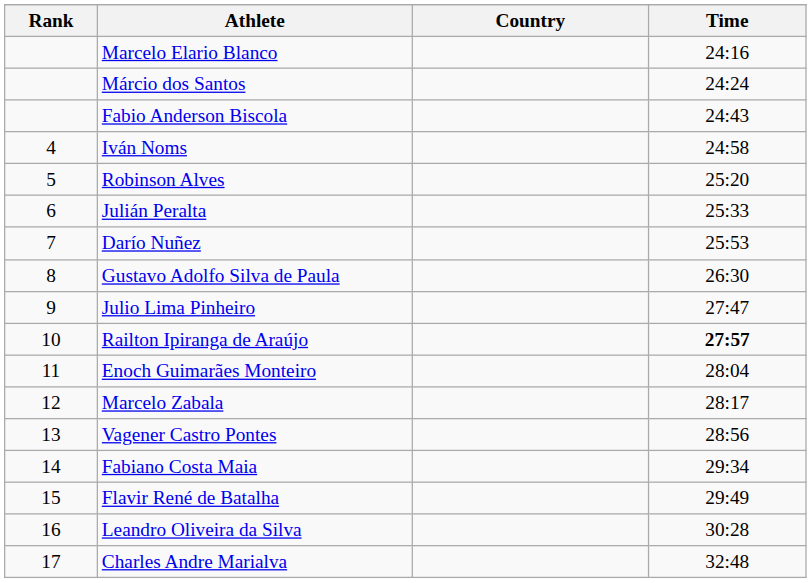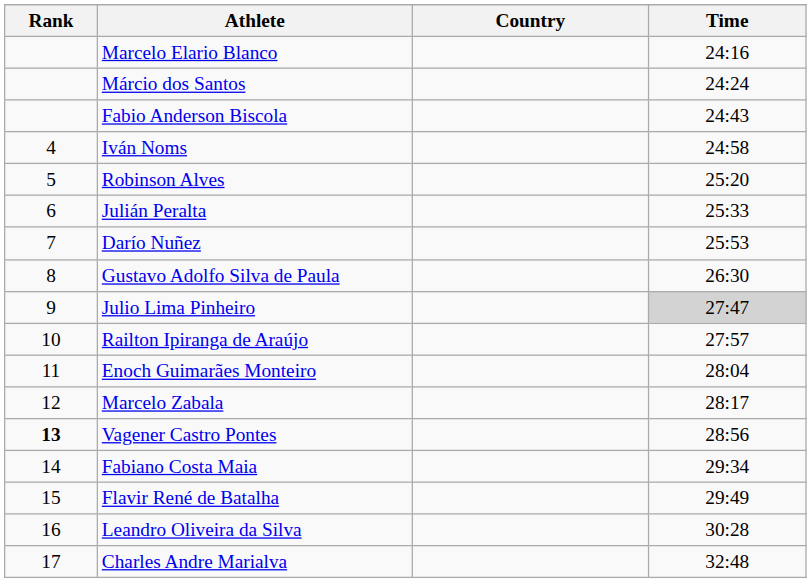 <table class="wikitable sortable" style=" text-align:center; font-size:95%;" width="50%">
 <tr>
 </tr>
 <tr>
 <th width=5%>Rank</th>
 <th width=20%>Athlete</th>
 <th width=15%>Country</th>
 <th width=10%>Time</th>
 </tr>
 <tr>
 <td align=center></td>
 <td align=left><a href='#'>Marcelo Elario Blanco</a></td>
 <td align=left></td>
 <td>24:16</td>
 </tr>
 <tr>
 <td align=center></td>
 <td align=left><a href='#'>Márcio dos Santos</a></td>
 <td align=left></td>
 <td>24:24</td>
 </tr>
 <tr>
 <td align=center></td>
 <td align=left><a href='#'>Fabio Anderson Biscola</a></td>
 <td align=left></td>
 <td>24:43</td>
 </tr>
 <tr>
 <td align=center>4</td>
 <td align=left><a href='#'>Iván Noms</a></td>
 <td align=left></td>
 <td>24:58</td>
 </tr>
 <tr>
 <td align=center>5</td>
 <td align=left><a href='#'>Robinson Alves</a></td>
 <td align=left></td>
 <td>25:20</td>
 </tr>
 <tr>
 <td align=center>6</td>
 <td align=left><a href='#'>Julián Peralta</a></td>
 <td align=left></td>
 <td>25:33</td>
 </tr>
 <tr>
 <td align=center>7</td>
 <td align=left><a href='#'>Darío Nuñez</a></td>
 <td align=left></td>
 <td>25:53</td>
 </tr>
 <tr>
 <td align=center>8</td>
 <td align=left><a href='#'>Gustavo Adolfo Silva de Paula</a></td>
 <td align=left></td>
 <td>26:30</td>
 </tr>
 <tr>
 <td align=center>9</td>
 <td align=left><a href='#'>Julio Lima Pinheiro</a></td>
 <td align=left></td>
-<td>27:47</td>
+<td style="background: lightgrey;">27:47</td>
 </tr>
 <tr>
 <td align=center>10</td>
 <td align=left><a href='#'>Railton Ipiranga de Araújo</a></td>
 <td align=left></td>
-<td><strong>27:57</strong></td>
+<td>27:57</td>
 </tr>
 <tr>
 <td align=center>11</td>
 <td align=left><a href='#'>Enoch Guimarães Monteiro</a></td>
 <td align=left></td>
 <td>28:04</td>
 </tr>
 <tr>
 <td align=center>12</td>
 <td align=left><a href='#'>Marcelo Zabala</a></td>
 <td align=left></td>
 <td>28:17</td>
 </tr>
 <tr>
-<td align=center>13</td>
+<td align=center><strong>13</strong></td>
 <td align=left><a href='#'>Vagener Castro Pontes</a></td>
 <td align=left></td>
 <td>28:56</td>
 </tr>
 <tr>
 <td align=center>14</td>
 <td align=left><a href='#'>Fabiano Costa Maia</a></td>
 <td align=left></td>
 <td>29:34</td>
 </tr>
 <tr>
 <td align=center>15</td>
 <td align=left><a href='#'>Flavir René de Batalha</a></td>
 <td align=left></td>
 <td>29:49</td>
 </tr>
 <tr>
 <td align=center>16</td>
 <td align=left><a href='#'>Leandro Oliveira da Silva</a></td>
 <td align=left></td>
 <td>30:28</td>
 </tr>
 <tr>
 <td align=center>17</td>
 <td align=left><a href='#'>Charles Andre Marialva</a></td>
 <td align=left></td>
 <td>32:48</td>
 </tr>
 </table>
